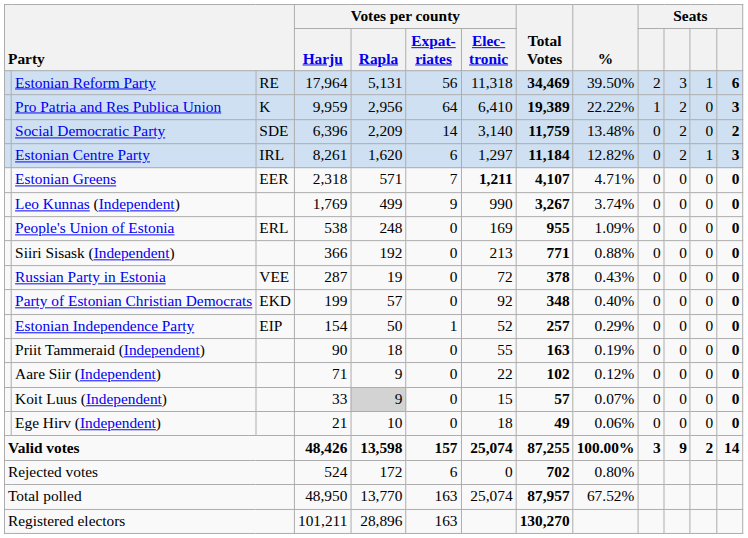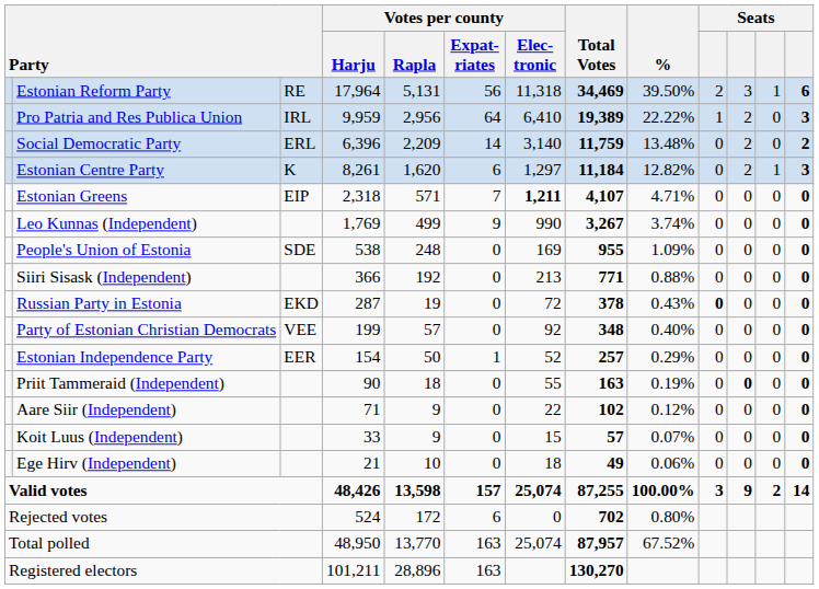 <table class="wikitable" border="1" style="text-align:right;">
 <tr>
 <th style="text-align:left;" valign=bottom rowspan=2 colspan=3>Party</th>
 <th colspan=4>Votes per county</th>
 <th align=center valign=bottom rowspan=2 width="50">Total Votes</th>
 <th align=center valign=bottom rowspan=2 width="50">%</th>
 <th colspan=4>Seats</th>
 </tr>
 <tr>
 <th align=center valign=bottom width="50"><a href='#'>Harju</a></th>
 <th align=center valign=bottom width="50"><a href='#'>Rapla</a></th>
 <th align=center valign=bottom width="50"><a href='#'>Expat- riates</a></th>
 <th align=center valign=bottom width="50"><a href='#'>Elec- tronic</a></th>
 <th align=center valign=bottom width="20"><small></small></th>
 <th align=center valign=bottom width="20"><small></small></th>
 <th align=center valign=bottom width="20"><small></small></th>
 <th align=center valign=bottom width="20"><small></small></th>
 </tr>
 <tr style="background:#CEE0F2;">
 <td style="background:"></td>
 <td align=left><a href='#'>Estonian Reform Party</a></td>
 <td align=left>RE</td>
 <td>17,964</td>
 <td>5,131</td>
 <td>56</td>
 <td>11,318</td>
 <td><strong>34,469</strong></td>
 <td>39.50%</td>
 <td>2</td>
 <td>3</td>
 <td>1</td>
 <td><strong>6</strong></td>
 </tr>
 <tr style="background:#CEE0F2;">
 <td style="background:"></td>
 <td align=left><a href='#'>Pro Patria and Res Publica Union</a></td>
-<td align=left>K</td>
+<td align=left>IRL</td>
 <td>9,959</td>
 <td>2,956</td>
 <td>64</td>
 <td>6,410</td>
 <td><strong>19,389</strong></td>
 <td>22.22%</td>
 <td>1</td>
 <td>2</td>
 <td>0</td>
 <td><strong>3</strong></td>
 </tr>
 <tr style="background:#CEE0F2;">
 <td style="background:"></td>
 <td align=left><a href='#'>Social Democratic Party</a></td>
-<td align=left>SDE</td>
+<td align=left>ERL</td>
 <td>6,396</td>
 <td>2,209</td>
 <td>14</td>
 <td>3,140</td>
 <td><strong>11,759</strong></td>
 <td>13.48%</td>
 <td>0</td>
 <td>2</td>
 <td>0</td>
 <td><strong>2</strong></td>
 </tr>
 <tr style="background:#CEE0F2;">
 <td style="background:"></td>
 <td align=left><a href='#'>Estonian Centre Party</a></td>
-<td align=left>IRL</td>
+<td align=left>K</td>
 <td>8,261</td>
 <td>1,620</td>
 <td>6</td>
 <td>1,297</td>
 <td><strong>11,184</strong></td>
 <td>12.82%</td>
 <td>0</td>
 <td>2</td>
 <td>1</td>
 <td><strong>3</strong></td>
 </tr>
 <tr>
 <td style="background:"></td>
 <td align=left><a href='#'>Estonian Greens</a></td>
-<td align=left>EER</td>
+<td align=left>EIP</td>
 <td>2,318</td>
 <td>571</td>
 <td>7</td>
 <td><strong>1,211</strong></td>
 <td><strong>4,107</strong></td>
 <td>4.71%</td>
 <td>0</td>
 <td>0</td>
 <td>0</td>
 <td><strong>0</strong></td>
 </tr>
 <tr>
 <td style="background:"></td>
 <td align=left><a href='#'>Leo Kunnas</a> (<a href='#'>Independent</a>)</td>
 <td></td>
 <td>1,769</td>
 <td>499</td>
 <td>9</td>
 <td>990</td>
 <td><strong>3,267</strong></td>
 <td>3.74%</td>
 <td>0</td>
 <td>0</td>
 <td>0</td>
 <td><strong>0</strong></td>
 </tr>
 <tr>
 <td style="background:"></td>
 <td align=left><a href='#'>People's Union of Estonia</a></td>
-<td align=left>ERL</td>
+<td align=left>SDE</td>
 <td>538</td>
 <td>248</td>
 <td>0</td>
 <td>169</td>
 <td><strong>955</strong></td>
 <td>1.09%</td>
 <td>0</td>
 <td>0</td>
 <td>0</td>
 <td><strong>0</strong></td>
 </tr>
 <tr>
 <td style="background:"></td>
 <td align=left>Siiri Sisask (<a href='#'>Independent</a>)</td>
 <td></td>
 <td>366</td>
 <td>192</td>
 <td>0</td>
 <td>213</td>
 <td><strong>771</strong></td>
 <td>0.88%</td>
 <td>0</td>
 <td>0</td>
 <td>0</td>
 <td><strong>0</strong></td>
 </tr>
 <tr>
 <td></td>
 <td align=left><a href='#'>Russian Party in Estonia</a></td>
-<td align=left>VEE</td>
+<td align=left>EKD</td>
 <td>287</td>
 <td>19</td>
 <td>0</td>
 <td>72</td>
 <td><strong>378</strong></td>
 <td>0.43%</td>
-<td>0</td>
+<td><strong>0</strong></td>
 <td>0</td>
 <td>0</td>
 <td><strong>0</strong></td>
 </tr>
 <tr>
 <td style="background:"></td>
 <td align=left><a href='#'>Party of Estonian Christian Democrats</a></td>
-<td align=left>EKD</td>
+<td align=left>VEE</td>
 <td>199</td>
 <td>57</td>
 <td>0</td>
 <td>92</td>
 <td><strong>348</strong></td>
 <td>0.40%</td>
 <td>0</td>
 <td>0</td>
 <td>0</td>
 <td><strong>0</strong></td>
 </tr>
 <tr>
 <td style="background:"></td>
 <td align=left><a href='#'>Estonian Independence Party</a></td>
-<td align=left>EIP</td>
+<td align=left>EER</td>
 <td>154</td>
 <td>50</td>
 <td>1</td>
 <td>52</td>
 <td><strong>257</strong></td>
 <td>0.29%</td>
 <td>0</td>
 <td>0</td>
 <td>0</td>
 <td><strong>0</strong></td>
 </tr>
 <tr>
 <td style="background:"></td>
 <td align=left>Priit Tammeraid (<a href='#'>Independent</a>)</td>
 <td></td>
 <td>90</td>
 <td>18</td>
 <td>0</td>
 <td>55</td>
 <td><strong>163</strong></td>
 <td>0.19%</td>
 <td>0</td>
-<td>0</td>
+<td><strong>0</strong></td>
 <td>0</td>
 <td><strong>0</strong></td>
 </tr>
 <tr>
 <td style="background:"></td>
 <td align=left>Aare Siir (<a href='#'>Independent</a>)</td>
 <td></td>
 <td>71</td>
 <td>9</td>
 <td>0</td>
 <td>22</td>
 <td><strong>102</strong></td>
 <td>0.12%</td>
 <td>0</td>
 <td>0</td>
 <td>0</td>
 <td><strong>0</strong></td>
 </tr>
 <tr>
 <td style="background:"></td>
 <td align=left>Koit Luus (<a href='#'>Independent</a>)</td>
 <td></td>
 <td>33</td>
-<td style="background: lightgrey;">9</td>
+<td>9</td>
 <td>0</td>
 <td>15</td>
 <td><strong>57</strong></td>
 <td>0.07%</td>
 <td>0</td>
 <td>0</td>
 <td>0</td>
 <td><strong>0</strong></td>
 </tr>
 <tr>
 <td style="background:"></td>
 <td align=left>Ege Hirv (<a href='#'>Independent</a>)</td>
 <td></td>
 <td>21</td>
 <td>10</td>
 <td>0</td>
 <td>18</td>
 <td><strong>49</strong></td>
 <td>0.06%</td>
 <td>0</td>
 <td>0</td>
 <td>0</td>
 <td><strong>0</strong></td>
 </tr>
 <tr style="font-weight:bold">
 <td align=left colspan=3>Valid votes</td>
 <td>48,426</td>
 <td>13,598</td>
 <td>157</td>
 <td>25,074</td>
 <td>87,255</td>
 <td>100.00%</td>
 <td>3</td>
 <td>9</td>
 <td>2</td>
 <td>14</td>
 </tr>
 <tr>
 <td align=left colspan=3>Rejected votes</td>
 <td>524</td>
 <td>172</td>
 <td>6</td>
 <td>0</td>
 <td><strong>702</strong></td>
 <td>0.80%</td>
 <td></td>
 <td></td>
 <td></td>
 <td></td>
 </tr>
 <tr>
 <td align=left colspan=3>Total polled</td>
 <td>48,950</td>
 <td>13,770</td>
 <td>163</td>
 <td>25,074</td>
 <td><strong>87,957</strong></td>
 <td>67.52%</td>
 <td></td>
 <td></td>
 <td></td>
 <td></td>
 </tr>
 <tr>
 <td align=left colspan=3>Registered electors</td>
 <td>101,211</td>
 <td>28,896</td>
 <td>163</td>
 <td></td>
 <td><strong>130,270</strong></td>
 <td></td>
 <td></td>
 <td></td>
 <td></td>
 <td></td>
 </tr>
 </table>
